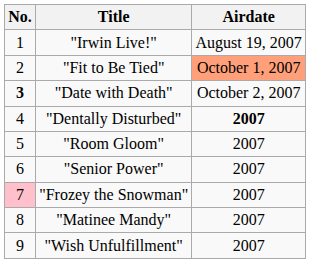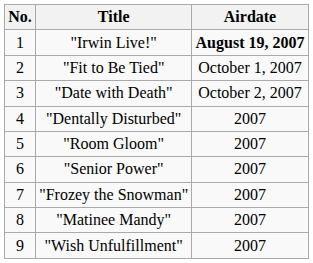 <table class="wikitable plainrowheaders" style="text-align:center">
 <tr>
 <th style="background-color: #;">No.</th>
 <th style="background-color: #;">Title</th>
 <th style="background-color: #;">Airdate</th>
 </tr>
 <tr>
 <td>1</td>
 <td>"Irwin Live!"</td>
-<td>August 19, 2007</td>
+<td><strong>August 19, 2007</strong></td>
 </tr>
 <tr>
 <td>2</td>
 <td>"Fit to Be Tied"</td>
-<td style="background: lightsalmon;">October 1, 2007</td>
+<td>October 1, 2007</td>
 </tr>
 <tr>
-<td><strong>3</strong></td>
+<td>3</td>
 <td>"Date with Death"</td>
 <td>October 2, 2007</td>
 </tr>
 <tr>
 <td>4</td>
 <td>"Dentally Disturbed"</td>
-<td><strong>2007</strong></td>
+<td>2007</td>
 </tr>
 <tr>
 <td>5</td>
 <td>"Room Gloom"</td>
 <td>2007</td>
 </tr>
 <tr>
 <td>6</td>
 <td>"Senior Power"</td>
 <td>2007</td>
 </tr>
 <tr>
-<td style="background: pink;">7</td>
+<td>7</td>
 <td>"Frozey the Snowman"</td>
 <td>2007</td>
 </tr>
 <tr>
 <td>8</td>
 <td>"Matinee Mandy"</td>
 <td>2007</td>
 </tr>
 <tr>
 <td>9</td>
 <td>"Wish Unfulfillment"</td>
 <td>2007</td>
 </tr>
 <tr>
 </tr>
 </table>
